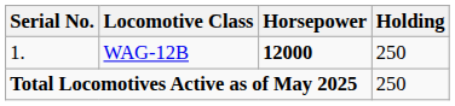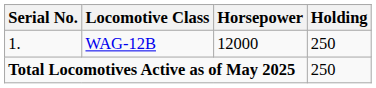 <table class="wikitable">
 <tr>
 <th>Serial No.</th>
 <th>Locomotive Class</th>
 <th>Horsepower</th>
 <th>Holding</th>
 </tr>
 <tr>
 <td>1.</td>
 <td><a href='#'>WAG-12B</a></td>
-<td><strong>12000</strong></td>
+<td>12000</td>
 <td>250</td>
 </tr>
 <tr>
 <td colspan="3"><strong>Total Locomotives Active as of May 2025</strong></td>
 <td>250</td>
 </tr>
 </table>
